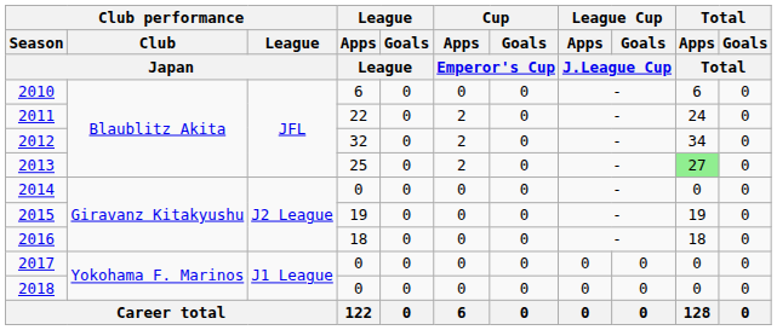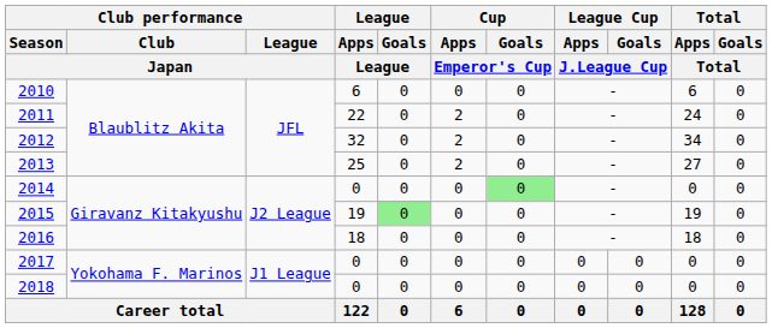 <table class="wikitable" style="text-align:center">
 <tr>
 <th colspan=3>Club performance</th>
 <th colspan=2>League</th>
 <th colspan=2>Cup</th>
 <th colspan=2>League Cup</th>
 <th colspan=2>Total</th>
 </tr>
 <tr>
 <th>Season</th>
 <th>Club</th>
 <th>League</th>
 <th>Apps</th>
 <th>Goals</th>
 <th>Apps</th>
 <th>Goals</th>
 <th>Apps</th>
 <th>Goals</th>
 <th>Apps</th>
 <th>Goals</th>
 </tr>
 <tr>
 <th colspan=3>Japan</th>
 <th colspan=2>League</th>
 <th colspan=2><a href='#'>Emperor's Cup</a></th>
 <th colspan=2><a href='#'>J.League Cup</a></th>
 <th colspan=2>Total</th>
 </tr>
 <tr>
 <td><a href='#'>2010</a></td>
 <td rowspan="4"><a href='#'>Blaublitz Akita</a></td>
 <td rowspan="4"><a href='#'>JFL</a></td>
 <td>6</td>
 <td>0</td>
 <td>0</td>
 <td>0</td>
 <td colspan="2">-</td>
 <td>6</td>
 <td>0</td>
 </tr>
 <tr>
 <td><a href='#'>2011</a></td>
 <td>22</td>
 <td>0</td>
 <td>2</td>
 <td>0</td>
 <td colspan="2">-</td>
 <td>24</td>
 <td>0</td>
 </tr>
 <tr>
 <td><a href='#'>2012</a></td>
 <td>32</td>
 <td>0</td>
 <td>2</td>
 <td>0</td>
 <td colspan="2">-</td>
 <td>34</td>
 <td>0</td>
 </tr>
 <tr>
 <td><a href='#'>2013</a></td>
 <td>25</td>
 <td>0</td>
 <td>2</td>
 <td>0</td>
 <td colspan="2">-</td>
-<td style="background: lightgreen;">27</td>
+<td>27</td>
 <td>0</td>
 </tr>
 <tr>
 <td><a href='#'>2014</a></td>
 <td rowspan="3"><a href='#'>Giravanz Kitakyushu</a></td>
 <td rowspan="3"><a href='#'>J2 League</a></td>
 <td>0</td>
 <td>0</td>
 <td>0</td>
-<td>0</td>
+<td style="background: lightgreen;">0</td>
 <td colspan="2">-</td>
 <td>0</td>
 <td>0</td>
 </tr>
 <tr>
 <td><a href='#'>2015</a></td>
 <td>19</td>
-<td>0</td>
+<td style="background: lightgreen;">0</td>
 <td>0</td>
 <td>0</td>
 <td colspan="2">-</td>
 <td>19</td>
 <td>0</td>
 </tr>
 <tr>
 <td><a href='#'>2016</a></td>
 <td>18</td>
 <td>0</td>
 <td>0</td>
 <td>0</td>
 <td colspan="2">-</td>
 <td>18</td>
 <td>0</td>
 </tr>
 <tr>
 <td><a href='#'>2017</a></td>
 <td rowspan="2"><a href='#'>Yokohama F. Marinos</a></td>
 <td rowspan="2"><a href='#'>J1 League</a></td>
 <td>0</td>
 <td>0</td>
 <td>0</td>
 <td>0</td>
 <td>0</td>
 <td>0</td>
 <td>0</td>
 <td>0</td>
 </tr>
 <tr>
 <td><a href='#'>2018</a></td>
 <td>0</td>
 <td>0</td>
 <td>0</td>
 <td>0</td>
 <td>0</td>
 <td>0</td>
 <td>0</td>
 <td>0</td>
 </tr>
 <tr>
 <th colspan=3>Career total</th>
 <th>122</th>
 <th>0</th>
 <th>6</th>
 <th>0</th>
 <th>0</th>
 <th>0</th>
 <th>128</th>
 <th>0</th>
 </tr>
 </table>
